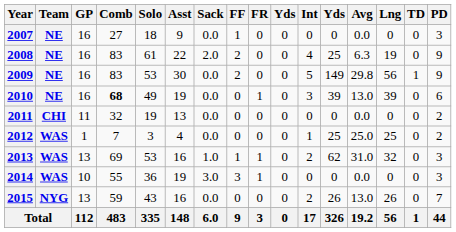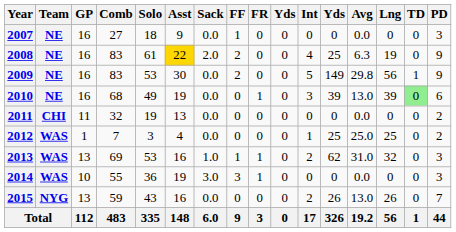 <table class=wikitable style="text-align:center;">
 <tr>
 <th>Year</th>
 <th>Team</th>
 <th>GP</th>
 <th>Comb</th>
 <th>Solo</th>
 <th>Asst</th>
 <th>Sack</th>
 <th>FF</th>
 <th>FR</th>
 <th>Yds</th>
 <th>Int</th>
 <th>Yds</th>
 <th>Avg</th>
 <th>Lng</th>
 <th>TD</th>
 <th>PD</th>
 </tr>
 <tr>
 <th><a href='#'>2007</a></th>
 <th><a href='#'>NE</a></th>
 <td>16</td>
 <td>27</td>
 <td>18</td>
 <td>9</td>
 <td>0.0</td>
 <td>1</td>
 <td>0</td>
 <td>0</td>
 <td>0</td>
 <td>0</td>
 <td>0.0</td>
 <td>0</td>
 <td>0</td>
 <td>3</td>
 </tr>
 <tr>
 <th><a href='#'>2008</a></th>
 <th><a href='#'>NE</a></th>
 <td>16</td>
 <td>83</td>
 <td>61</td>
-<td>22</td>
+<td style="background: gold;">22</td>
 <td>2.0</td>
 <td>2</td>
 <td>0</td>
 <td>0</td>
 <td>4</td>
 <td>25</td>
 <td>6.3</td>
 <td>19</td>
 <td>0</td>
 <td>9</td>
 </tr>
 <tr>
 <th><a href='#'>2009</a></th>
 <th><a href='#'>NE</a></th>
 <td>16</td>
 <td>83</td>
 <td>53</td>
 <td>30</td>
 <td>0.0</td>
 <td>2</td>
 <td>0</td>
 <td>0</td>
 <td>5</td>
 <td>149</td>
 <td>29.8</td>
 <td>56</td>
 <td>1</td>
 <td>9</td>
 </tr>
 <tr>
 <th><a href='#'>2010</a></th>
 <th><a href='#'>NE</a></th>
 <td>16</td>
-<td><strong>68</strong></td>
+<td>68</td>
 <td>49</td>
 <td>19</td>
 <td>0.0</td>
 <td>0</td>
 <td>1</td>
 <td>0</td>
 <td>3</td>
 <td>39</td>
 <td>13.0</td>
 <td>39</td>
-<td>0</td>
+<td style="background: lightgreen;">0</td>
 <td>6</td>
 </tr>
 <tr>
 <th><a href='#'>2011</a></th>
 <th><a href='#'>CHI</a></th>
 <td>11</td>
 <td>32</td>
 <td>19</td>
 <td>13</td>
 <td>0.0</td>
 <td>0</td>
 <td>0</td>
 <td>0</td>
 <td>0</td>
 <td>0</td>
 <td>0.0</td>
 <td>0</td>
 <td>0</td>
 <td>2</td>
 </tr>
 <tr>
 <th><a href='#'>2012</a></th>
 <th><a href='#'>WAS</a></th>
 <td>1</td>
 <td>7</td>
 <td>3</td>
 <td>4</td>
 <td>0.0</td>
 <td>0</td>
 <td>0</td>
 <td>0</td>
 <td>1</td>
 <td>25</td>
 <td>25.0</td>
 <td>25</td>
 <td>0</td>
 <td>2</td>
 </tr>
 <tr>
 <th><a href='#'>2013</a></th>
 <th><a href='#'>WAS</a></th>
 <td>13</td>
 <td>69</td>
 <td>53</td>
 <td>16</td>
 <td>1.0</td>
 <td>1</td>
 <td>1</td>
 <td>0</td>
 <td>2</td>
 <td>62</td>
 <td>31.0</td>
 <td>32</td>
 <td>0</td>
 <td>3</td>
 </tr>
 <tr>
 <th><a href='#'>2014</a></th>
 <th><a href='#'>WAS</a></th>
 <td>10</td>
 <td>55</td>
 <td>36</td>
 <td>19</td>
 <td>3.0</td>
 <td>3</td>
 <td>1</td>
 <td>0</td>
 <td>0</td>
 <td>0</td>
 <td>0.0</td>
 <td>0</td>
 <td>0</td>
 <td>3</td>
 </tr>
 <tr>
 <th><a href='#'>2015</a></th>
 <th><a href='#'>NYG</a></th>
 <td>13</td>
 <td>59</td>
 <td>43</td>
 <td>16</td>
 <td>0.0</td>
 <td>0</td>
 <td>0</td>
 <td>0</td>
 <td>2</td>
 <td>26</td>
 <td>13.0</td>
 <td>26</td>
 <td>0</td>
 <td>7</td>
 </tr>
 <tr>
 <th colspan="2">Total</th>
 <th>112</th>
 <th>483</th>
 <th>335</th>
 <th>148</th>
 <th>6.0</th>
 <th>9</th>
 <th>3</th>
 <th>0</th>
 <th>17</th>
 <th>326</th>
 <th>19.2</th>
 <th>56</th>
 <th>1</th>
 <th>44</th>
 </tr>
 </table>
